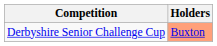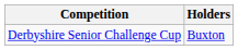 <table class="wikitable">
 <tr>
 <th>Competition</th>
 <th>Holders</th>
 </tr>
 <tr>
 <td><a href='#'>Derbyshire Senior Challenge Cup</a></td>
-<td style="background: lightsalmon;"><a href='#'>Buxton</a></td>
+<td><a href='#'>Buxton</a></td>
 </tr>
 </table>
